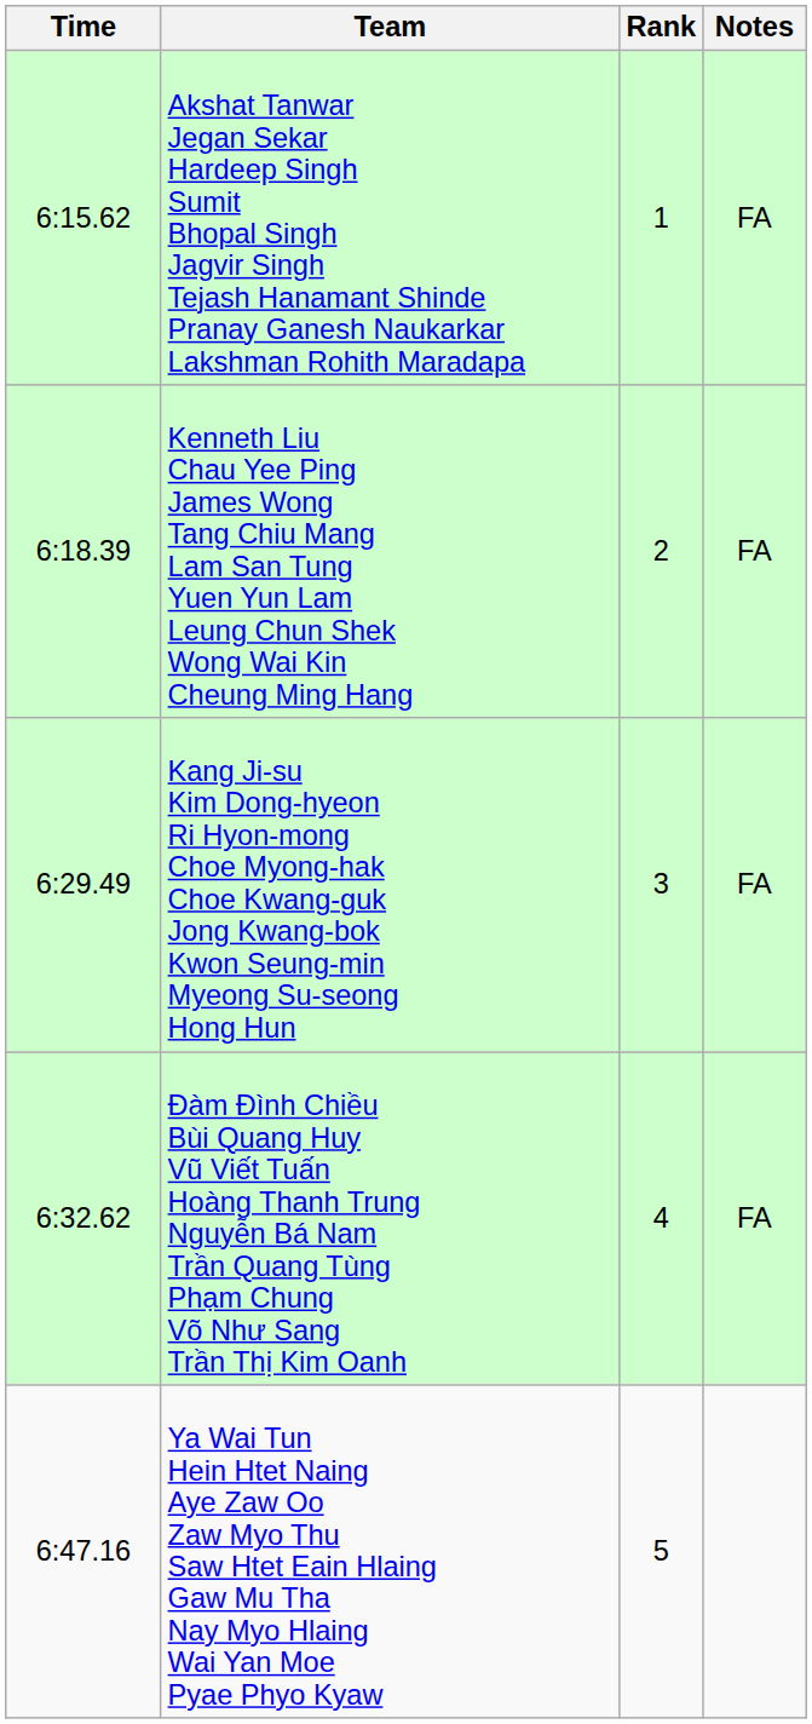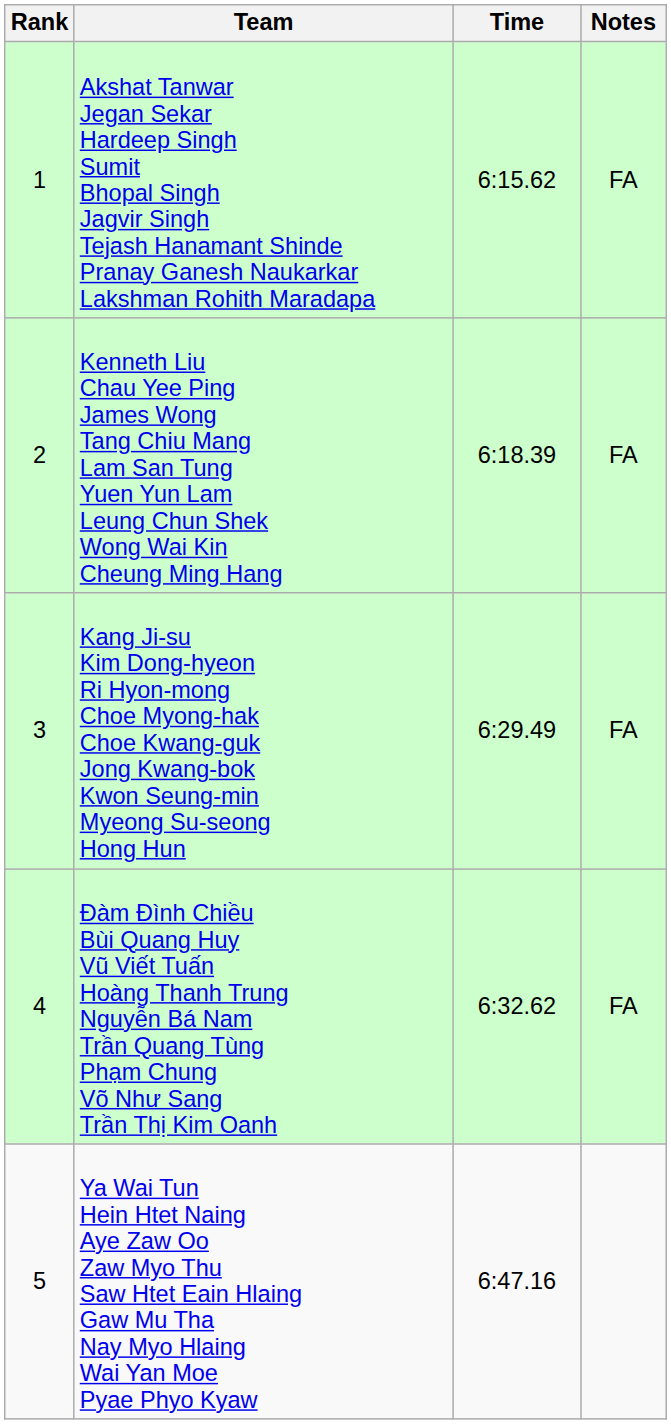 <table class=wikitable style="text-align:center">
 <tr>
+<th width=40>Rank</th>
+<th width=250>Team</th>
 <th width=80>Time</th>
-<th width=250>Team</th>
-<th width=40>Rank</th>
 <th width=50>Notes</th>
 </tr>
 <tr bgcolor="ccffcc">
+<td>1</td>
+<td align="left"><br><a href='#'>Akshat Tanwar</a><br><a href='#'>Jegan Sekar</a><br><a href='#'>Hardeep Singh</a><br><a href='#'>Sumit</a><br><a href='#'>Bhopal Singh</a><br><a href='#'>Jagvir Singh</a><br><a href='#'>Tejash Hanamant Shinde</a><br><a href='#'>Pranay Ganesh Naukarkar</a><br><a href='#'>Lakshman Rohith Maradapa</a></td>
 <td>6:15.62</td>
-<td align="left"><br><a href='#'>Akshat Tanwar</a><br><a href='#'>Jegan Sekar</a><br><a href='#'>Hardeep Singh</a><br><a href='#'>Sumit</a><br><a href='#'>Bhopal Singh</a><br><a href='#'>Jagvir Singh</a><br><a href='#'>Tejash Hanamant Shinde</a><br><a href='#'>Pranay Ganesh Naukarkar</a><br><a href='#'>Lakshman Rohith Maradapa</a></td>
-<td>1</td>
 <td>FA</td>
 </tr>
 <tr bgcolor="ccffcc">
+<td>2</td>
+<td align="left"><br><a href='#'>Kenneth Liu</a><br><a href='#'>Chau Yee Ping</a><br><a href='#'>James Wong</a><br><a href='#'>Tang Chiu Mang</a><br><a href='#'>Lam San Tung</a><br><a href='#'>Yuen Yun Lam</a><br><a href='#'>Leung Chun Shek</a><br><a href='#'>Wong Wai Kin</a><br><a href='#'>Cheung Ming Hang</a></td>
 <td>6:18.39</td>
-<td align="left"><br><a href='#'>Kenneth Liu</a><br><a href='#'>Chau Yee Ping</a><br><a href='#'>James Wong</a><br><a href='#'>Tang Chiu Mang</a><br><a href='#'>Lam San Tung</a><br><a href='#'>Yuen Yun Lam</a><br><a href='#'>Leung Chun Shek</a><br><a href='#'>Wong Wai Kin</a><br><a href='#'>Cheung Ming Hang</a></td>
-<td>2</td>
 <td>FA</td>
 </tr>
 <tr bgcolor="ccffcc">
+<td>3</td>
+<td align="left"><br><a href='#'>Kang Ji-su</a><br><a href='#'>Kim Dong-hyeon</a><br><a href='#'>Ri Hyon-mong</a><br><a href='#'>Choe Myong-hak</a><br><a href='#'>Choe Kwang-guk</a><br><a href='#'>Jong Kwang-bok</a><br><a href='#'>Kwon Seung-min</a><br><a href='#'>Myeong Su-seong</a><br><a href='#'>Hong Hun</a></td>
 <td>6:29.49</td>
-<td align="left"><br><a href='#'>Kang Ji-su</a><br><a href='#'>Kim Dong-hyeon</a><br><a href='#'>Ri Hyon-mong</a><br><a href='#'>Choe Myong-hak</a><br><a href='#'>Choe Kwang-guk</a><br><a href='#'>Jong Kwang-bok</a><br><a href='#'>Kwon Seung-min</a><br><a href='#'>Myeong Su-seong</a><br><a href='#'>Hong Hun</a></td>
-<td>3</td>
 <td>FA</td>
 </tr>
 <tr bgcolor="ccffcc">
+<td>4</td>
+<td align="left"><br><a href='#'>Đàm Đình Chiều</a><br><a href='#'>Bùi Quang Huy</a><br><a href='#'>Vũ Viết Tuấn</a><br><a href='#'>Hoàng Thanh Trung</a><br><a href='#'>Nguyễn Bá Nam</a><br><a href='#'>Trần Quang Tùng</a><br><a href='#'>Phạm Chung</a><br><a href='#'>Võ Như Sang</a><br><a href='#'>Trần Thị Kim Oanh</a></td>
 <td>6:32.62</td>
-<td align="left"><br><a href='#'>Đàm Đình Chiều</a><br><a href='#'>Bùi Quang Huy</a><br><a href='#'>Vũ Viết Tuấn</a><br><a href='#'>Hoàng Thanh Trung</a><br><a href='#'>Nguyễn Bá Nam</a><br><a href='#'>Trần Quang Tùng</a><br><a href='#'>Phạm Chung</a><br><a href='#'>Võ Như Sang</a><br><a href='#'>Trần Thị Kim Oanh</a></td>
-<td>4</td>
 <td>FA</td>
 </tr>
 <tr>
+<td>5</td>
+<td align="left"><br><a href='#'>Ya Wai Tun</a><br><a href='#'>Hein Htet Naing</a><br><a href='#'>Aye Zaw Oo</a><br><a href='#'>Zaw Myo Thu</a><br><a href='#'>Saw Htet Eain Hlaing</a><br><a href='#'>Gaw Mu Tha</a><br><a href='#'>Nay Myo Hlaing</a><br><a href='#'>Wai Yan Moe</a><br><a href='#'>Pyae Phyo Kyaw</a></td>
 <td>6:47.16</td>
-<td align="left"><br><a href='#'>Ya Wai Tun</a><br><a href='#'>Hein Htet Naing</a><br><a href='#'>Aye Zaw Oo</a><br><a href='#'>Zaw Myo Thu</a><br><a href='#'>Saw Htet Eain Hlaing</a><br><a href='#'>Gaw Mu Tha</a><br><a href='#'>Nay Myo Hlaing</a><br><a href='#'>Wai Yan Moe</a><br><a href='#'>Pyae Phyo Kyaw</a></td>
-<td>5</td>
 <td></td>
 </tr>
 </table>
